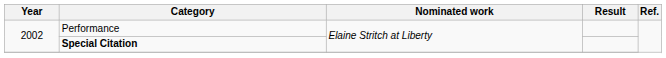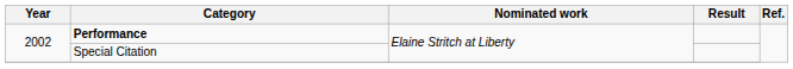 <table class=wikitable>
 <tr>
 <th scope="col" style="width:5em;">Year</th>
 <th scope="col" style="width:26em;">Category</th>
 <th scope="col" style="width:25em;">Nominated work</th>
 <th scope="col" style="width:5em;">Result</th>
 <th>Ref.</th>
 </tr>
 <tr>
 <td style="text-align:center;", rowspan=2>2002</td>
-<td>Performance</td>
+<td><strong>Performance</strong></td>
 <td rowspan=2><em>Elaine Stritch at Liberty</em></td>
 <td></td>
 </tr>
 <tr>
-<td><strong>Special Citation</strong></td>
+<td>Special Citation</td>
 <td></td>
 </tr>
 <tr>
 </tr>
 </table>
